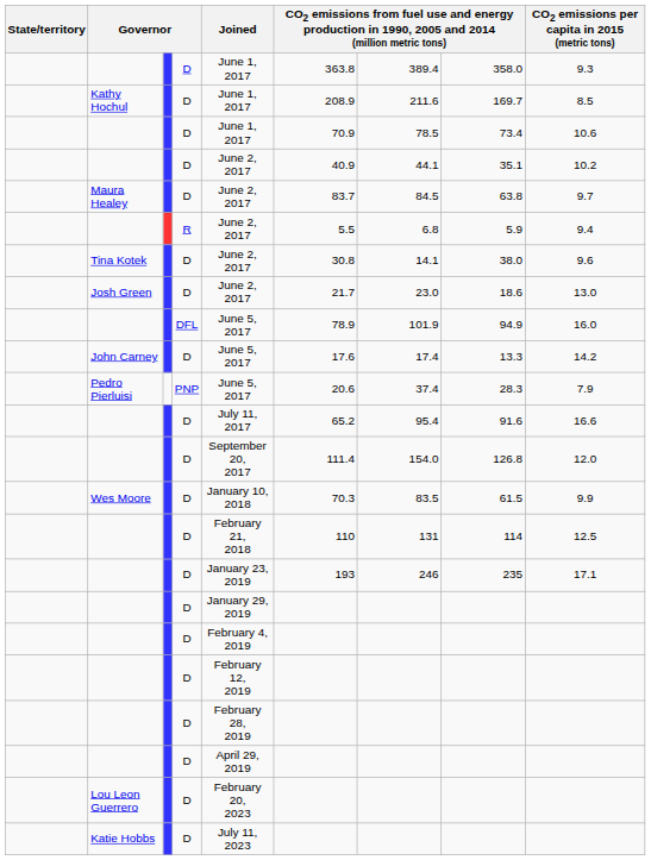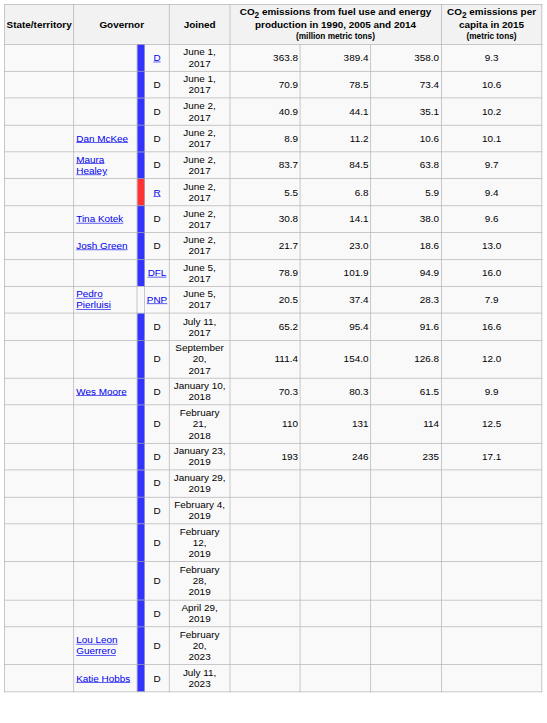 <table class="wikitable sortable" style="text-align:center;">
 <tr>
 <th>State/territory</th>
 <th colspan=3>Governor</th>
 <th style="width:10x;">Joined</th>
 <th colspan=3>CO<sub>2</sub> emissions from fuel use and energy production in 1990, 2005 and 2014<br> <small>(million metric tons)</small></th>
 <th>CO<sub>2</sub> emissions per capita in 2015<br><small>(metric tons)</small></th>
 </tr>
 <tr>
 <td style="text-align:left;"></td>
 <td style="text-align:left;"></td>
 <td style="background:#33F;"> </td>
 <td><a href='#'>D</a></td>
 <td> June 1,<br>2017</td>
 <td style="text-align:right;">363.8</td>
 <td style="text-align:right;">389.4</td>
 <td style="text-align:right;">358.0</td>
 <td style="text-align:center;">9.3</td>
-</tr>
-<tr>
-<td style="text-align:left;"></td>
-<td style="text-align:left;"><a href='#'>Kathy Hochul</a></td>
-<td style="background:#33F;"> </td>
-<td>D</td>
-<td> June 1,<br>2017</td>
-<td style="text-align:right;">208.9</td>
-<td style="text-align:right;">211.6</td>
-<td style="text-align:right;">169.7</td>
-<td style="text-align:center;">8.5</td>
 </tr>
 <tr>
 <td style="text-align:left;"></td>
 <td style="text-align:left;"></td>
 <td style="background:#33F;"> </td>
 <td>D</td>
 <td> June 1,<br>2017</td>
 <td style="text-align:right;">70.9</td>
 <td style="text-align:right;">78.5</td>
 <td style="text-align:right;">73.4</td>
 <td style="text-align:center;">10.6</td>
 </tr>
 <tr>
 <td style="text-align:left;"></td>
 <td style="text-align:left;"></td>
 <td style="background:#33F;"> </td>
 <td>D</td>
 <td> June 2,<br>2017</td>
 <td style="text-align:right;">40.9</td>
 <td style="text-align:right;">44.1</td>
 <td style="text-align:right;">35.1</td>
 <td style="text-align:center;">10.2</td>
+</tr>
+<tr>
+<td style="text-align:left;"></td>
+<td style="text-align:left;"><a href='#'>Dan McKee</a></td>
+<td style="background:#33F;"> </td>
+<td>D</td>
+<td> June 2,<br>2017</td>
+<td style="text-align:right;">8.9</td>
+<td style="text-align:right;">11.2</td>
+<td style="text-align:right;">10.6</td>
+<td style="text-align:center;">10.1</td>
 </tr>
 <tr>
 <td style="text-align:left;"></td>
 <td style="text-align:left;"><a href='#'>Maura Healey</a></td>
 <td style="background:#33F;"> </td>
 <td>D</td>
 <td> June 2,<br>2017</td>
 <td style="text-align:right;">83.7</td>
 <td style="text-align:right;">84.5</td>
 <td style="text-align:right;">63.8</td>
 <td style="text-align:center;">9.7</td>
 </tr>
 <tr>
 <td style="text-align:left;"></td>
 <td style="text-align:left;"></td>
 <td style="background:#F33;"> </td>
 <td><a href='#'>R</a></td>
 <td> June 2,<br>2017</td>
 <td style="text-align:right;">5.5</td>
 <td style="text-align:right;">6.8</td>
 <td style="text-align:right;">5.9</td>
 <td style="text-align:center;">9.4</td>
 </tr>
 <tr>
 <td style="text-align:left;"></td>
 <td style="text-align:left;"><a href='#'>Tina Kotek</a></td>
 <td style="background:#33F;"> </td>
 <td>D</td>
 <td> June 2,<br>2017</td>
 <td style="text-align:right;">30.8</td>
 <td style="text-align:right;">14.1</td>
 <td style="text-align:right;">38.0</td>
 <td style="text-align:center;">9.6</td>
 </tr>
 <tr>
 <td style="text-align:left;"></td>
 <td style="text-align:left;"><a href='#'>Josh Green</a></td>
 <td style="background:#33F;"> </td>
 <td>D</td>
 <td> June 2,<br>2017</td>
 <td style="text-align:right;">21.7</td>
 <td style="text-align:right;">23.0</td>
 <td style="text-align:right;">18.6</td>
 <td style="text-align:center;">13.0</td>
 </tr>
 <tr>
 <td style="text-align:left;"></td>
 <td style="text-align:left;"></td>
 <td style="background:#33F;"> </td>
 <td><a href='#'>DFL</a></td>
 <td> June 5,<br>2017</td>
 <td style="text-align:right;">78.9</td>
 <td style="text-align:right;">101.9</td>
 <td style="text-align:right;">94.9</td>
 <td style="text-align:center;">16.0</td>
 </tr>
 <tr>
 <td style="text-align:left;"></td>
-<td style="text-align:left;"><a href='#'>John Carney</a></td>
-<td style="background:#33F;"> </td>
-<td>D</td>
-<td> June 5,<br>2017</td>
-<td style="text-align:right;">17.6</td>
-<td style="text-align:right;">17.4</td>
-<td style="text-align:right;">13.3</td>
-<td style="text-align:center;">14.2</td>
-</tr>
-<tr>
-<td style="text-align:left;"></td>
 <td style="text-align:left;"><a href='#'>Pedro Pierluisi</a></td>
 <td style="background:"> </td>
 <td><a href='#'>PNP</a></td>
 <td> June 5,<br>2017</td>
-<td style="text-align:right;">20.6</td>
+<td style="text-align:right;">20.5</td>
 <td style="text-align:right;">37.4</td>
 <td style="text-align:right;">28.3</td>
 <td style="text-align:center;">7.9</td>
 </tr>
 <tr>
 <td style="text-align:left;"></td>
 <td style="text-align:left;"></td>
 <td style="background:#33F;"> </td>
 <td>D</td>
 <td> July 11,<br>2017</td>
 <td style="text-align:right;">65.2</td>
 <td style="text-align:right;">95.4</td>
 <td style="text-align:right;">91.6</td>
 <td style="text-align:center;">16.6</td>
 </tr>
 <tr>
 <td style="text-align:left;"></td>
 <td style="text-align:left;"></td>
 <td style="background:#33F;"> </td>
 <td>D</td>
 <td> September 20,<br>2017</td>
 <td style="text-align:right;">111.4</td>
 <td style="text-align:right;">154.0</td>
 <td style="text-align:right;">126.8</td>
 <td style="text-align:center;">12.0</td>
 </tr>
 <tr>
 <td style="text-align:left;"></td>
 <td style="text-align:left;"><a href='#'>Wes Moore</a></td>
 <td style="background:#33F;"> </td>
 <td>D</td>
 <td> January 10,<br>2018</td>
 <td style="text-align:right;">70.3</td>
-<td style="text-align:right;">83.5</td>
+<td style="text-align:right;">80.3</td>
 <td style="text-align:right;">61.5</td>
 <td style="text-align:center;">9.9</td>
 </tr>
 <tr>
 <td style="text-align:left;"></td>
 <td style="text-align:left;"></td>
 <td style="background:#33F;"> </td>
 <td>D</td>
 <td> February 21,<br>2018</td>
 <td style="text-align:right;">110</td>
 <td style="text-align:right;">131</td>
 <td style="text-align:right;">114</td>
 <td style="text-align:center;">12.5</td>
 </tr>
 <tr>
 <td style="text-align:left;"></td>
 <td style="text-align:left;"></td>
 <td style="background:#33F;"> </td>
 <td>D</td>
 <td> January 23,<br>2019</td>
 <td style="text-align:right;">193</td>
 <td style="text-align:right;">246</td>
 <td style="text-align:right;">235</td>
 <td style="text-align:center;">17.1</td>
 </tr>
 <tr>
 <td style="text-align:left;"></td>
 <td style="text-align:left;"></td>
 <td style="background:#33F;"> </td>
 <td>D</td>
 <td> January 29,<br>2019</td>
 <td></td>
 <td></td>
 <td></td>
 <td></td>
 </tr>
 <tr>
 <td style="text-align:left;"></td>
 <td style="text-align:left;"></td>
 <td style="background:#33F;"> </td>
 <td>D</td>
 <td> February 4,<br>2019</td>
 <td></td>
 <td></td>
 <td></td>
 <td></td>
 </tr>
 <tr>
 <td style="text-align:left;"></td>
 <td style="text-align:left;"></td>
 <td style="background:#33F;"> </td>
 <td>D</td>
 <td> February 12,<br>2019</td>
 <td></td>
 <td></td>
 <td></td>
 <td></td>
 </tr>
 <tr>
 <td style="text-align:left;"></td>
 <td style="text-align:left;"></td>
 <td style="background:#33F;"> </td>
 <td>D</td>
 <td> February 28,<br>2019</td>
 <td></td>
 <td></td>
 <td></td>
 <td></td>
 </tr>
 <tr>
 <td style="text-align:left;"></td>
 <td style="text-align:left;"></td>
 <td style="background:#33F;"> </td>
 <td>D</td>
 <td> April 29,<br>2019</td>
 <td></td>
 <td></td>
 <td></td>
 <td></td>
 </tr>
 <tr>
 <td style="text-align:left;"></td>
 <td style="text-align:left;"><a href='#'>Lou Leon Guerrero</a></td>
 <td style="background:#33F;"> </td>
 <td>D</td>
 <td> February 20,<br>2023</td>
 <td></td>
 <td></td>
 <td></td>
 <td></td>
 </tr>
 <tr>
 <td style="text-align:left;"></td>
 <td style="text-align:left;"><a href='#'>Katie Hobbs</a></td>
 <td style="background:#33F;"> </td>
 <td>D</td>
 <td>July 11,<br>2023</td>
 <td></td>
 <td></td>
 <td></td>
 <td></td>
 </tr>
 </table>
